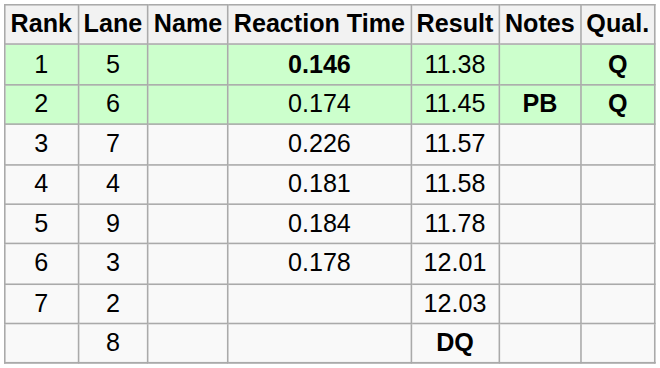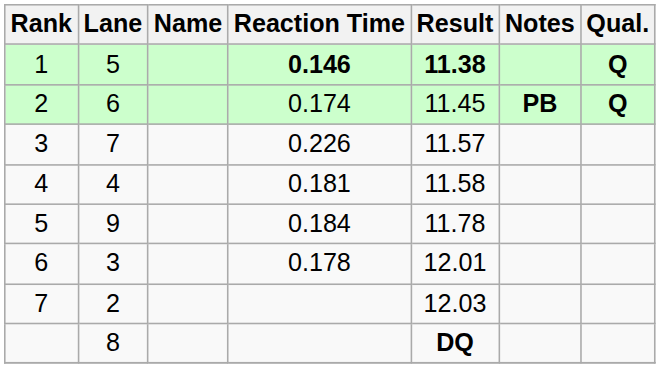 <table class="wikitable" style="text-align:center">
 <tr>
 <th>Rank</th>
 <th>Lane</th>
 <th>Name</th>
 <th>Reaction Time</th>
 <th>Result</th>
 <th>Notes</th>
 <th>Qual.</th>
 </tr>
 <tr bgcolor=ccffcc>
 <td>1</td>
 <td>5</td>
 <td align="left"></td>
 <td><strong>0.146</strong></td>
-<td>11.38</td>
+<td><strong>11.38</strong></td>
 <td></td>
 <td><strong>Q</strong></td>
 </tr>
 <tr bgcolor=ccffcc>
 <td>2</td>
 <td>6</td>
 <td align="left"></td>
 <td>0.174</td>
 <td>11.45</td>
 <td><strong>PB</strong></td>
 <td><strong>Q</strong></td>
 </tr>
 <tr>
 <td>3</td>
 <td>7</td>
 <td align="left"></td>
 <td>0.226</td>
 <td>11.57</td>
 <td></td>
 <td></td>
 </tr>
 <tr>
 <td>4</td>
 <td>4</td>
 <td align="left"></td>
 <td>0.181</td>
 <td>11.58</td>
 <td></td>
 <td></td>
 </tr>
 <tr>
 <td>5</td>
 <td>9</td>
 <td align="left"></td>
 <td>0.184</td>
 <td>11.78</td>
 <td></td>
 <td></td>
 </tr>
 <tr>
 <td>6</td>
 <td>3</td>
 <td align="left"></td>
 <td>0.178</td>
 <td>12.01</td>
 <td></td>
 <td></td>
 </tr>
 <tr>
 <td>7</td>
 <td>2</td>
 <td align="left"></td>
 <td></td>
 <td>12.03</td>
 <td></td>
 <td></td>
 </tr>
 <tr>
 <td></td>
 <td>8</td>
 <td align="left"></td>
 <td></td>
 <td><strong>DQ</strong></td>
 <td></td>
 <td></td>
 </tr>
 <tr>
 </tr>
 </table>
